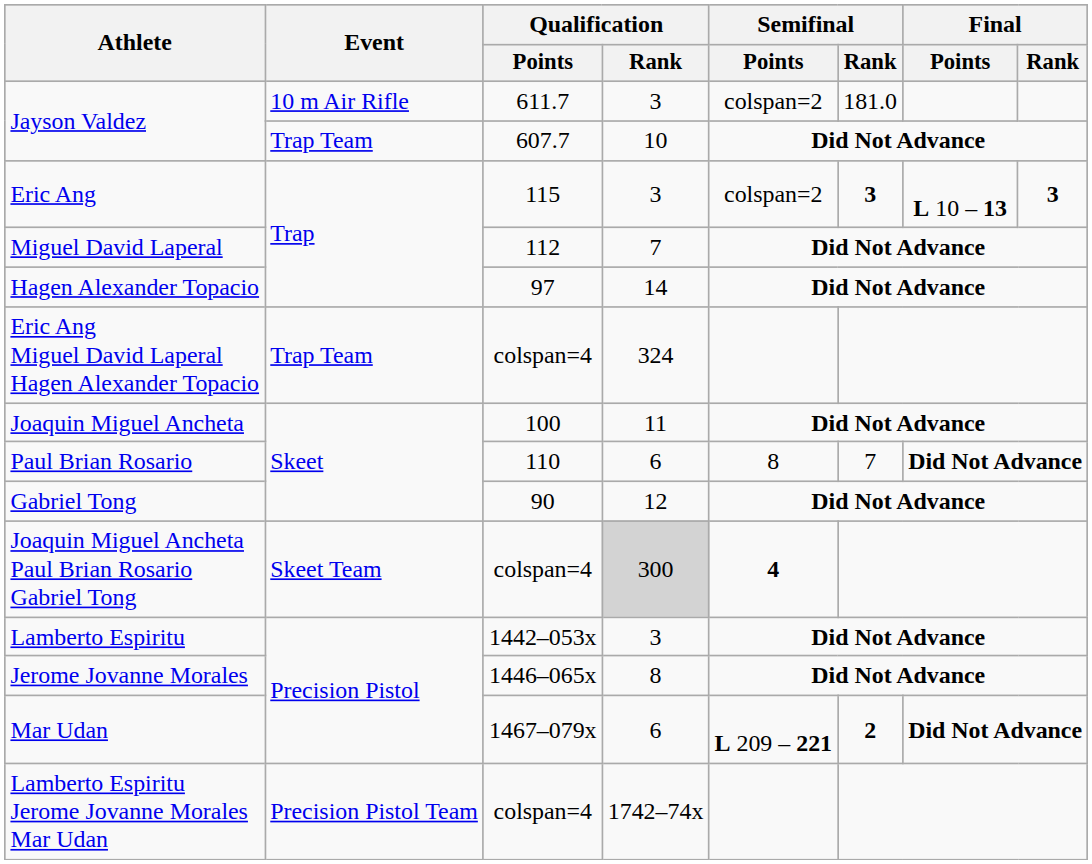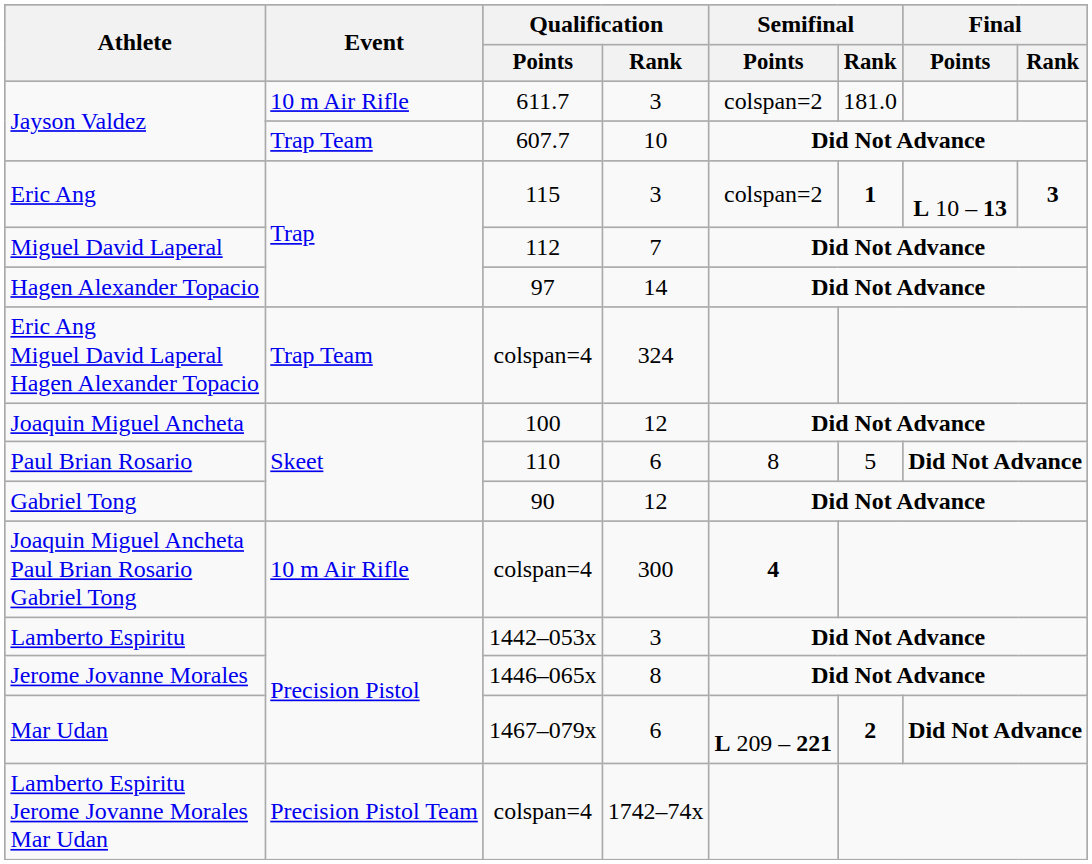 <table class=wikitable style="text-align:center; font-size:90%">
 <tr>
 <th rowspan=2>Athlete</th>
 <th rowspan=2>Event</th>
 <th colspan=2>Qualification</th>
 <th colspan=2>Semifinal</th>
 <th colspan=2>Final</th>
 </tr>
 <tr style="font-size:95%">
 <th>Points</th>
 <th>Rank</th>
 <th>Points</th>
 <th>Rank</th>
 <th>Points</th>
 <th>Rank</th>
 </tr>
 <tr>
 <td align=left rowspan=2><a href='#'>Jayson Valdez</a></td>
 <td align=left><a href='#'>10 m Air Rifle</a></td>
 <td>611.7</td>
 <td>3 <strong></strong></td>
 <td>colspan=2 </td>
 <td>181.0</td>
 <td></td>
 </tr>
 <tr>
 <td align=left><a href='#'>Trap Team</a></td>
 <td>607.7</td>
 <td>10</td>
 <td colspan=4><strong>Did Not Advance</strong></td>
 </tr>
 <tr>
 <td align=left><a href='#'>Eric Ang</a></td>
 <td align=left rowspan=3><a href='#'>Trap</a></td>
 <td>115</td>
 <td>3 <strong></strong></td>
 <td>colspan=2 </td>
-<td><strong>3 </strong></td>
+<td><strong>1 </strong></td>
 <td> <br> <strong>L</strong> 10 – <strong>13</strong></td>
 <td><strong>3</strong></td>
 </tr>
 <tr>
 <td align=left><a href='#'>Miguel David Laperal</a></td>
 <td>112</td>
 <td>7</td>
 <td colspan=4><strong>Did Not Advance</strong></td>
 </tr>
 <tr>
 <td align=left><a href='#'>Hagen Alexander Topacio</a></td>
 <td>97</td>
 <td>14</td>
 <td colspan=4><strong>Did Not Advance</strong></td>
 </tr>
 <tr>
 <td align=left><a href='#'>Eric Ang</a><br><a href='#'>Miguel David Laperal</a><br><a href='#'>Hagen Alexander Topacio</a></td>
 <td align=left><a href='#'>Trap Team</a></td>
 <td>colspan=4 </td>
 <td>324</td>
 <td></td>
 </tr>
 <tr>
 <td align=left><a href='#'>Joaquin Miguel Ancheta</a></td>
 <td align=left rowspan=3><a href='#'>Skeet</a></td>
 <td>100</td>
-<td>11</td>
+<td>12</td>
 <td colspan=4><strong>Did Not Advance</strong></td>
 </tr>
 <tr>
 <td align=left><a href='#'>Paul Brian Rosario</a></td>
 <td>110</td>
 <td>6 <strong></strong></td>
 <td>8</td>
-<td>7</td>
+<td>5</td>
 <td colspan=2><strong>Did Not Advance</strong></td>
 </tr>
 <tr>
 <td align=left><a href='#'>Gabriel Tong</a></td>
 <td>90</td>
 <td>12</td>
 <td colspan=4><strong>Did Not Advance</strong></td>
 </tr>
 <tr>
 <td align=left><a href='#'>Joaquin Miguel Ancheta</a><br><a href='#'>Paul Brian Rosario</a><br><a href='#'>Gabriel Tong</a></td>
-<td align=left><a href='#'>Skeet Team</a></td>
+<td align=left><a href='#'>10 m Air Rifle</a></td>
 <td>colspan=4 </td>
-<td style="background: lightgrey;">300</td>
+<td>300</td>
 <td><strong>4</strong></td>
 </tr>
 <tr>
 <td align=left><a href='#'>Lamberto Espiritu</a></td>
 <td align=left rowspan=3><a href='#'>Precision Pistol</a></td>
 <td>1442–053x</td>
 <td>3</td>
 <td colspan=4><strong>Did Not Advance</strong></td>
 </tr>
 <tr>
 <td align=left><a href='#'>Jerome Jovanne Morales</a></td>
 <td>1446–065x</td>
 <td>8</td>
 <td colspan=4><strong>Did Not Advance</strong></td>
 </tr>
 <tr>
 <td align=left><a href='#'>Mar Udan</a></td>
 <td>1467–079x</td>
 <td>6 <strong></strong></td>
 <td> <br> <strong>L</strong> 209 – <strong>221</strong></td>
 <td><strong>2</strong></td>
 <td colspan=2><strong>Did Not Advance</strong></td>
 </tr>
 <tr>
 <td align=left><a href='#'>Lamberto Espiritu</a><br><a href='#'>Jerome Jovanne Morales</a><br><a href='#'>Mar Udan</a></td>
 <td align=left><a href='#'>Precision Pistol Team</a></td>
 <td>colspan=4 </td>
 <td>1742–74x</td>
 <td></td>
 </tr>
 </table>
